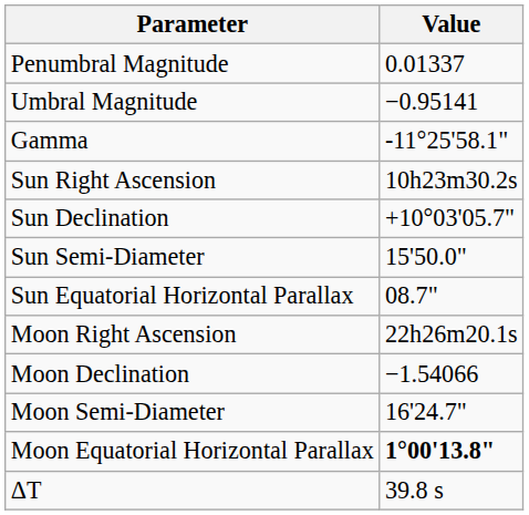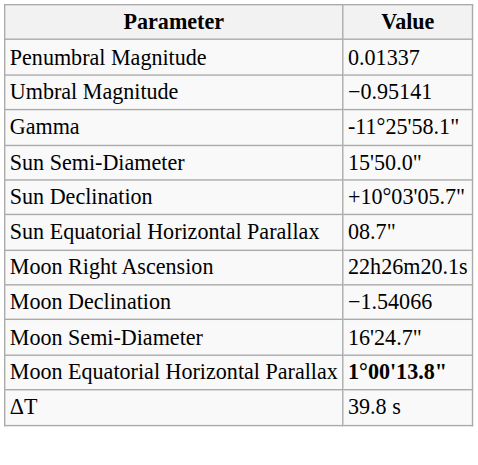 <table class="wikitable">
 <tr>
 <th>Parameter</th>
 <th>Value</th>
 </tr>
 <tr>
 <td>Penumbral Magnitude</td>
 <td>0.01337</td>
 </tr>
 <tr>
 <td>Umbral Magnitude</td>
 <td>−0.95141</td>
 </tr>
 <tr>
 <td>Gamma</td>
 <td>-11°25'58.1"</td>
 </tr>
 <tr>
-<td>Sun Right Ascension</td>
-<td>10h23m30.2s</td>
+<td>Sun Semi-Diameter</td>
+<td>15'50.0"</td>
 </tr>
 <tr>
 <td>Sun Declination</td>
 <td>+10°03'05.7"</td>
-</tr>
-<tr>
-<td>Sun Semi-Diameter</td>
-<td>15'50.0"</td>
 </tr>
 <tr>
 <td>Sun Equatorial Horizontal Parallax</td>
 <td>08.7"</td>
 </tr>
 <tr>
 <td>Moon Right Ascension</td>
 <td>22h26m20.1s</td>
 </tr>
 <tr>
 <td>Moon Declination</td>
 <td>−1.54066</td>
 </tr>
 <tr>
 <td>Moon Semi-Diameter</td>
 <td>16'24.7"</td>
 </tr>
 <tr>
 <td>Moon Equatorial Horizontal Parallax</td>
 <td><strong>1°00'13.8"</strong></td>
 </tr>
 <tr>
 <td>ΔT</td>
 <td>39.8 s</td>
 </tr>
 </table>
